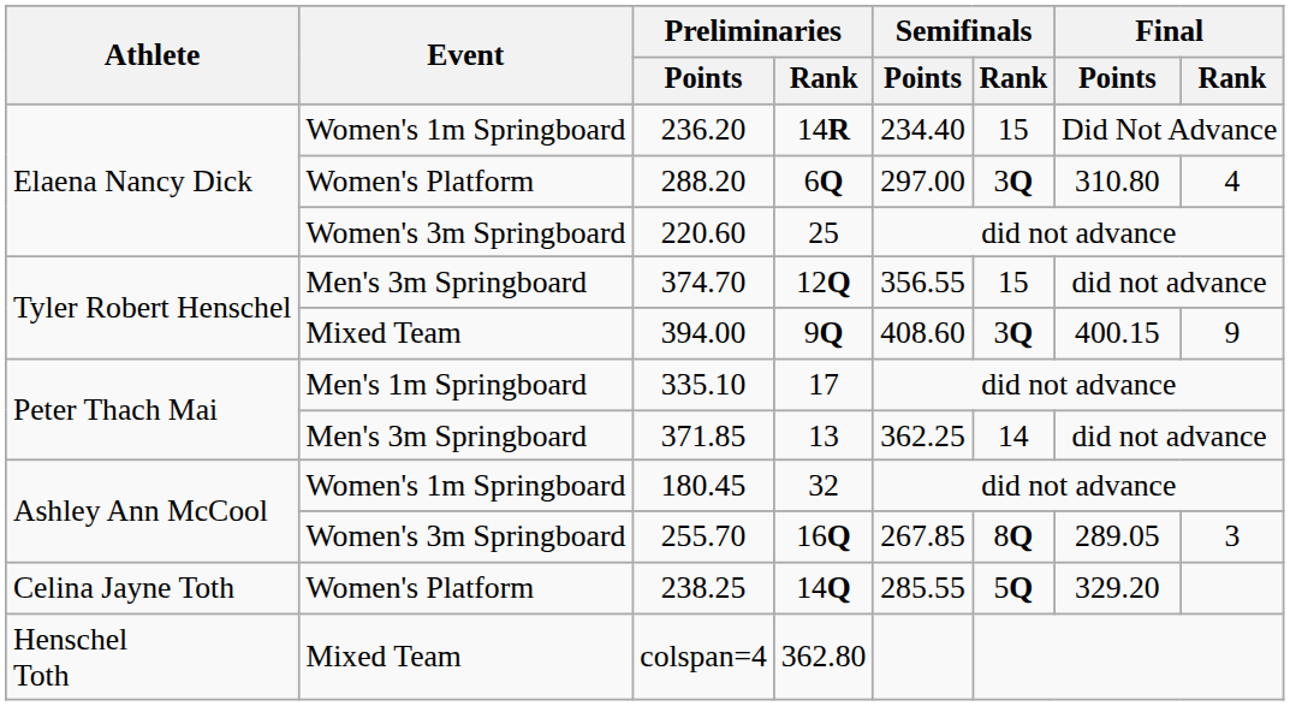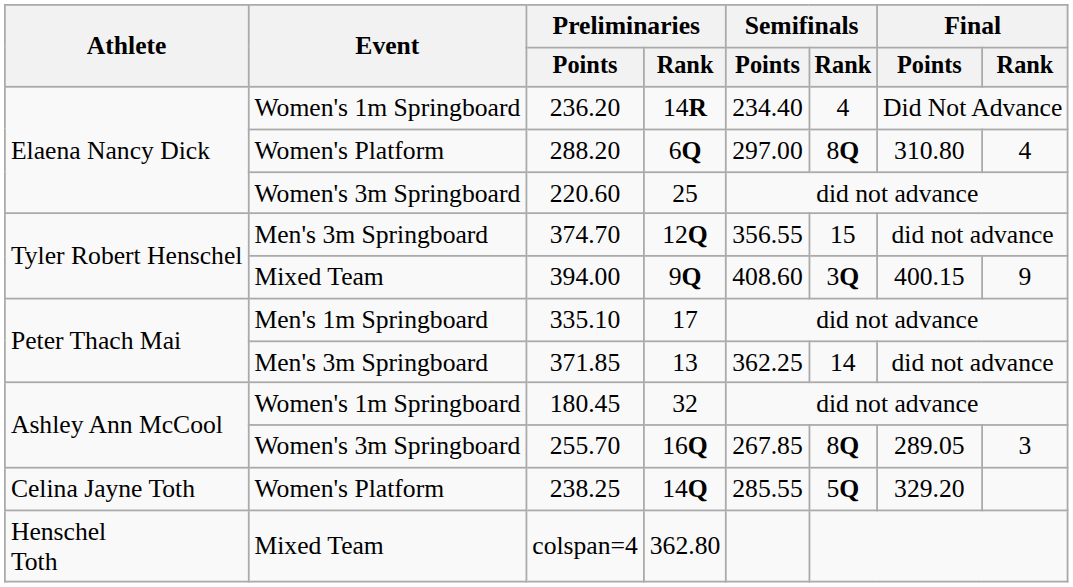 <table class=wikitable style="font-size:90%">
 <tr>
 <th rowspan=2>Athlete</th>
 <th rowspan=2>Event</th>
 <th colspan=2>Preliminaries</th>
 <th colspan=2>Semifinals</th>
 <th colspan=2>Final</th>
 </tr>
 <tr style="font-size:95%">
 <th>Points</th>
 <th>Rank</th>
 <th>Points</th>
 <th>Rank</th>
 <th>Points</th>
 <th>Rank</th>
 </tr>
 <tr align=center>
 <td align=left rowspan=3>Elaena Nancy Dick</td>
 <td align=left>Women's 1m Springboard</td>
 <td>236.20</td>
 <td>14<strong>R</strong></td>
 <td>234.40</td>
-<td>15</td>
+<td>4</td>
 <td colspan=2>Did Not Advance</td>
 </tr>
 <tr align=center>
 <td align=left>Women's Platform</td>
 <td>288.20</td>
 <td>6<strong>Q</strong></td>
 <td>297.00</td>
-<td>3<strong>Q</strong></td>
+<td>8<strong>Q</strong></td>
 <td>310.80</td>
 <td>4</td>
 </tr>
 <tr align=center>
 <td align=left>Women's 3m Springboard</td>
 <td>220.60</td>
 <td>25</td>
 <td colspan=4>did not advance</td>
 </tr>
 <tr align=center>
 <td align=left rowspan=2>Tyler Robert Henschel</td>
 <td align=left>Men's 3m Springboard</td>
 <td>374.70</td>
 <td>12<strong>Q</strong></td>
 <td>356.55</td>
 <td>15</td>
 <td colspan=2>did not advance</td>
 </tr>
 <tr align=center>
 <td align=left>Mixed Team</td>
 <td>394.00</td>
 <td>9<strong>Q</strong></td>
 <td>408.60</td>
 <td>3<strong>Q</strong></td>
 <td>400.15</td>
 <td>9</td>
 </tr>
 <tr align=center>
 <td align=left rowspan=2>Peter Thach Mai</td>
 <td align=left>Men's 1m Springboard</td>
 <td>335.10</td>
 <td>17</td>
 <td colspan=4>did not advance</td>
 </tr>
 <tr align=center>
 <td align=left>Men's 3m Springboard</td>
 <td>371.85</td>
 <td>13</td>
 <td>362.25</td>
 <td>14</td>
 <td colspan=2>did not advance</td>
 </tr>
 <tr align=center>
 <td align=left rowspan=2>Ashley Ann McCool</td>
 <td align=left>Women's 1m Springboard</td>
 <td>180.45</td>
 <td>32</td>
 <td colspan=4>did not advance</td>
 </tr>
 <tr align=center>
 <td align=left>Women's 3m Springboard</td>
 <td>255.70</td>
 <td>16<strong>Q</strong></td>
 <td>267.85</td>
 <td>8<strong>Q</strong></td>
 <td>289.05</td>
 <td>3</td>
 </tr>
 <tr align=center>
 <td align=left>Celina Jayne Toth</td>
 <td align=left>Women's Platform</td>
 <td>238.25</td>
 <td>14<strong>Q</strong></td>
 <td>285.55</td>
 <td>5<strong>Q</strong></td>
 <td>329.20</td>
 <td></td>
 </tr>
 <tr align=center>
 <td align=left>Henschel<br>Toth</td>
 <td align=left>Mixed Team</td>
 <td>colspan=4 </td>
 <td>362.80</td>
 <td></td>
 </tr>
 </table>
